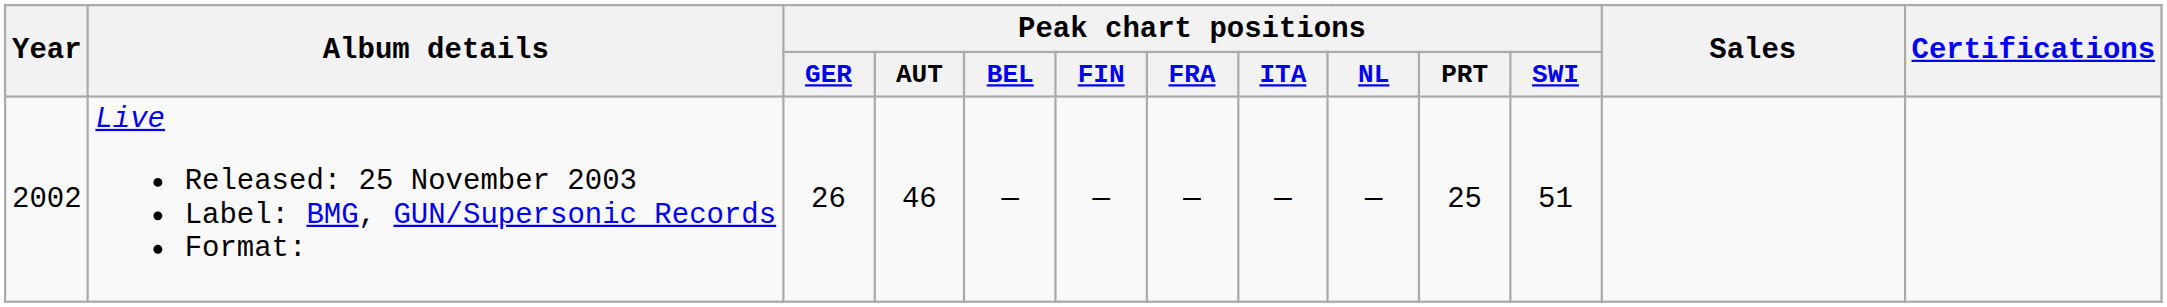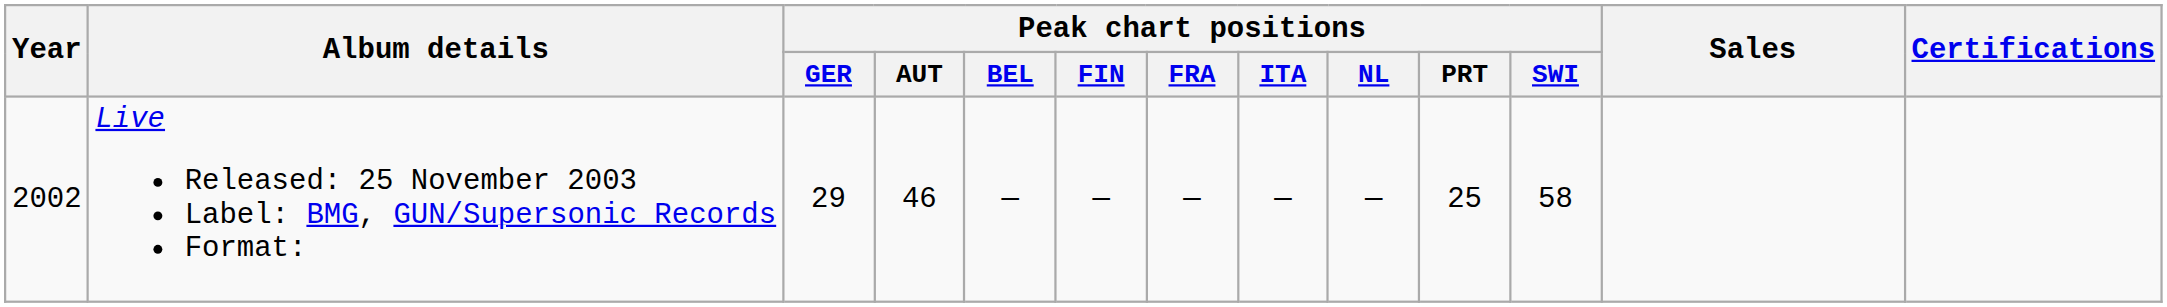 <table class="wikitable">
 <tr>
 <th rowspan="2">Year</th>
 <th rowspan="2">Album details</th>
 <th colspan="9">Peak chart positions</th>
 <th rowspan="2" style="width:10em;">Sales</th>
 <th rowspan="2"><a href='#'>Certifications</a></th>
 </tr>
 <tr>
 <th style="width:3em;font-size:90%;"><a href='#'>GER</a></th>
 <th style="width:3em;font-size:90%;">AUT</th>
 <th style="width:3em;font-size:90%;"><a href='#'>BEL</a></th>
 <th style="width:3em;font-size:90%;"><a href='#'>FIN</a></th>
 <th style="width:3em;font-size:90%;"><a href='#'>FRA</a></th>
 <th style="width:3em;font-size:90%;"><a href='#'>ITA</a></th>
 <th style="width:3em;font-size:90%;"><a href='#'>NL</a></th>
 <th style="width:3em;font-size:90%;">PRT</th>
 <th style="width:3em;font-size:90%;"><a href='#'>SWI</a></th>
 </tr>
 <tr>
 <td>2002</td>
 <td><em><a href='#'>Live</a></em><br><ul><li>Released: 25 November 2003</li><li>Label: <a href='#'>BMG</a>, <a href='#'>GUN/Supersonic Records</a></li><li>Format:</li></ul></td>
-<td style="text-align:center;">26</td>
+<td style="text-align:center;">29</td>
 <td style="text-align:center;">46</td>
 <td style="text-align:center;">—</td>
 <td style="text-align:center;">—</td>
 <td style="text-align:center;">—</td>
 <td style="text-align:center;">—</td>
 <td style="text-align:center;">—</td>
 <td style="text-align:center;">25</td>
-<td style="text-align:center;">51<br></td>
+<td style="text-align:center;">58<br></td>
 <td></td>
 <td></td>
 </tr>
 </table>
